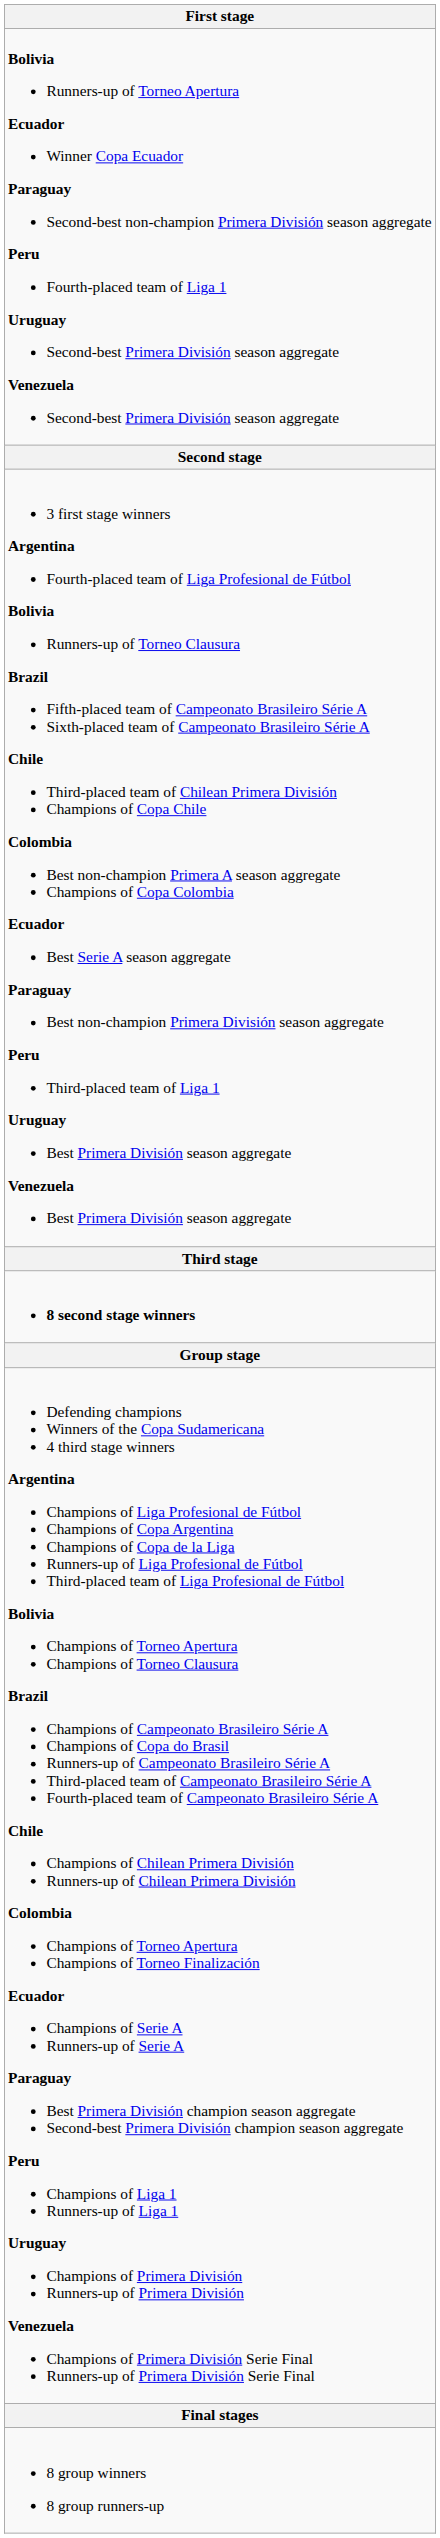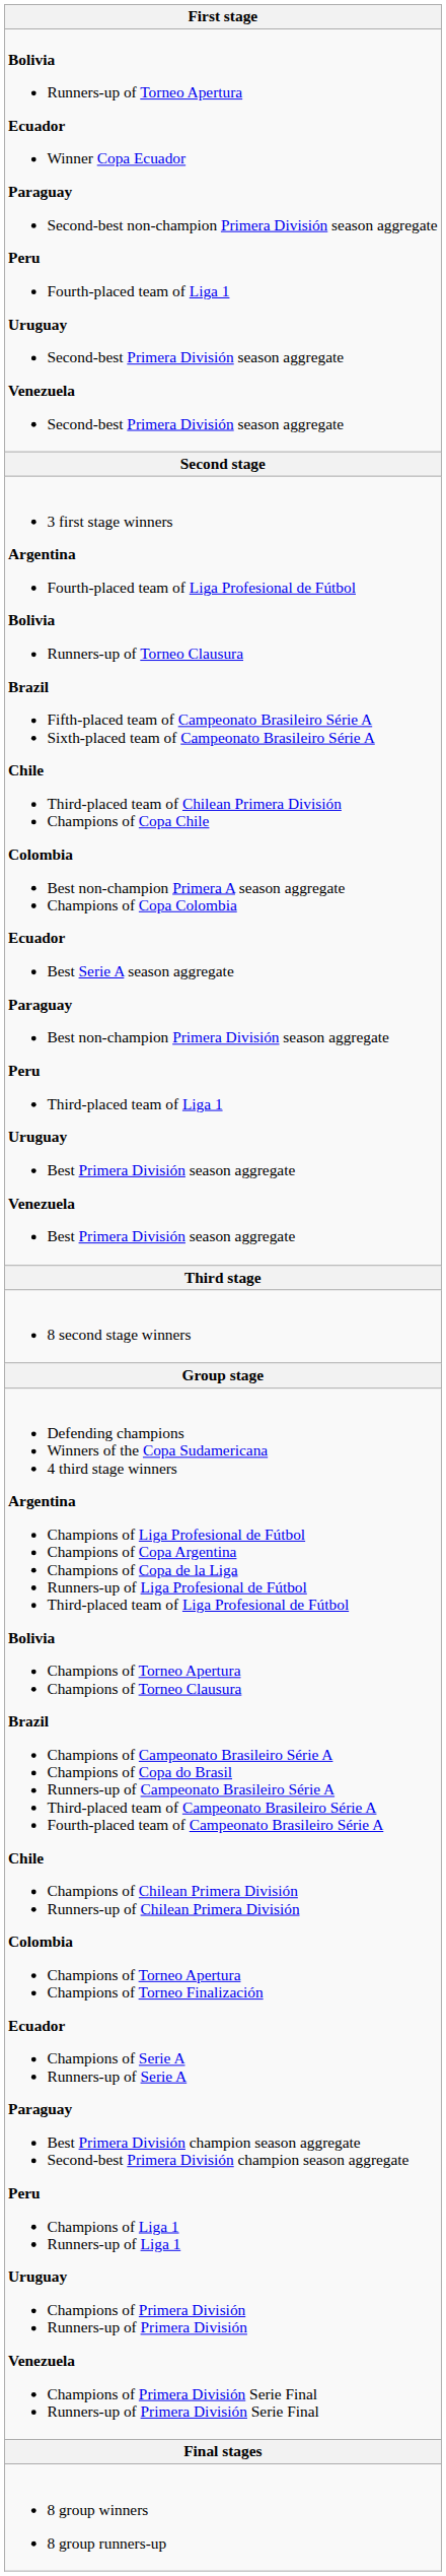 <table class="wikitable">
 <tr>
 <th scope=col>First stage</th>
 </tr>
 <tr>
 <td><br> <strong>Bolivia</strong><ul><li>Runners-up of <a href='#'>Torneo Apertura</a></li></ul><strong>Ecuador</strong><ul><li>Winner <a href='#'>Copa Ecuador</a></li></ul><strong>Paraguay</strong><ul><li>Second-best non-champion <a href='#'>Primera División</a> season aggregate</li></ul> <strong>Peru</strong><ul><li>Fourth-placed team of <a href='#'>Liga 1</a></li></ul><strong>Uruguay</strong><ul><li>Second-best <a href='#'>Primera División</a> season aggregate</li></ul><strong>Venezuela</strong><ul><li>Second-best <a href='#'>Primera División</a> season aggregate</li></ul></td>
 </tr>
 <tr>
 <th scope=col>Second stage</th>
 </tr>
 <tr>
 <td><br><ul><li>3 first stage winners</li></ul><strong>Argentina</strong><ul><li>Fourth-placed team of <a href='#'>Liga Profesional de Fútbol</a></li></ul><strong>Bolivia</strong><ul><li>Runners-up of <a href='#'>Torneo Clausura</a></li></ul><strong>Brazil</strong><ul><li>Fifth-placed team of <a href='#'>Campeonato Brasileiro Série A</a></li><li>Sixth-placed team of <a href='#'>Campeonato Brasileiro Série A</a></li></ul><strong>Chile</strong><ul><li>Third-placed team of <a href='#'>Chilean Primera División</a></li><li>Champions of <a href='#'>Copa Chile</a></li></ul> <strong>Colombia</strong><ul><li>Best non-champion <a href='#'>Primera A</a> season aggregate</li><li>Champions of <a href='#'>Copa Colombia</a></li></ul><strong>Ecuador</strong><ul><li>Best <a href='#'>Serie A</a> season aggregate</li></ul><strong>Paraguay</strong><ul><li>Best non-champion <a href='#'>Primera División</a> season aggregate</li></ul><strong>Peru</strong><ul><li>Third-placed team of <a href='#'>Liga 1</a></li></ul><strong>Uruguay</strong><ul><li>Best <a href='#'>Primera División</a> season aggregate</li></ul><strong>Venezuela</strong><ul><li>Best <a href='#'>Primera División</a> season aggregate</li></ul></td>
 </tr>
 <tr>
 <th scope=col>Third stage</th>
 </tr>
 <tr>
-<td><strong><br><ul><li>8 second stage winners</li></ul></strong></td>
+<td><br><ul><li>8 second stage winners</li></ul></td>
 </tr>
 <tr>
 <th scope=col>Group stage</th>
 </tr>
 <tr>
 <td><br><ul><li>Defending champions</li><li>Winners of the <a href='#'>Copa Sudamericana</a></li><li>4 third stage winners</li></ul><strong>Argentina</strong><ul><li>Champions of <a href='#'>Liga Profesional de Fútbol</a></li><li>Champions of <a href='#'>Copa Argentina</a></li><li>Champions of <a href='#'>Copa de la Liga</a></li><li>Runners-up of <a href='#'>Liga Profesional de Fútbol</a></li><li>Third-placed team of <a href='#'>Liga Profesional de Fútbol</a></li></ul><strong>Bolivia</strong><ul><li>Champions of <a href='#'>Torneo Apertura</a></li><li>Champions of <a href='#'>Torneo Clausura</a></li></ul><strong>Brazil</strong><ul><li>Champions of <a href='#'>Campeonato Brasileiro Série A</a></li><li>Champions of <a href='#'>Copa do Brasil</a></li><li>Runners-up of <a href='#'>Campeonato Brasileiro Série A</a></li><li>Third-placed team of <a href='#'>Campeonato Brasileiro Série A</a></li><li>Fourth-placed team of <a href='#'>Campeonato Brasileiro Série A</a></li></ul><strong>Chile</strong><ul><li>Champions of <a href='#'>Chilean Primera División</a></li><li>Runners-up of <a href='#'>Chilean Primera División</a></li></ul> <strong>Colombia</strong><ul><li>Champions of <a href='#'>Torneo Apertura</a></li><li>Champions of <a href='#'>Torneo Finalización</a></li></ul><strong>Ecuador</strong><ul><li>Champions of <a href='#'>Serie A</a></li><li>Runners-up of <a href='#'>Serie A</a></li></ul><strong>Paraguay</strong><ul><li>Best <a href='#'>Primera División</a> champion season aggregate</li><li>Second-best <a href='#'>Primera División</a> champion season aggregate</li></ul><strong>Peru</strong><ul><li>Champions of <a href='#'>Liga 1</a></li><li>Runners-up of <a href='#'>Liga 1</a></li></ul><strong>Uruguay</strong><ul><li>Champions of <a href='#'>Primera División</a></li><li>Runners-up of <a href='#'>Primera División</a></li></ul><strong>Venezuela</strong><ul><li>Champions of <a href='#'>Primera División</a> Serie Final</li><li>Runners-up of <a href='#'>Primera División</a> Serie Final</li></ul></td>
 </tr>
 <tr>
 <th scope=col>Final stages</th>
 </tr>
 <tr>
 <td><br><ul><li>8 group winners</li></ul><ul><li>8 group runners-up</li></ul></td>
 </tr>
 </table>
